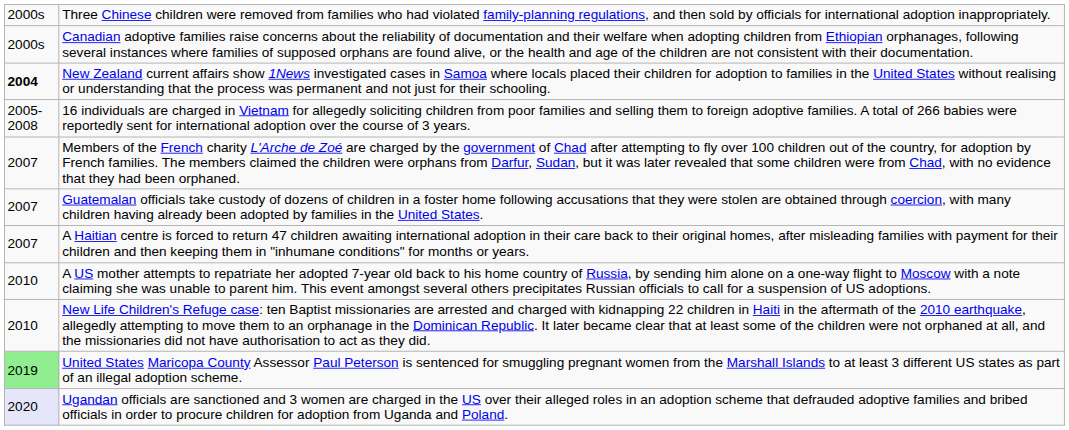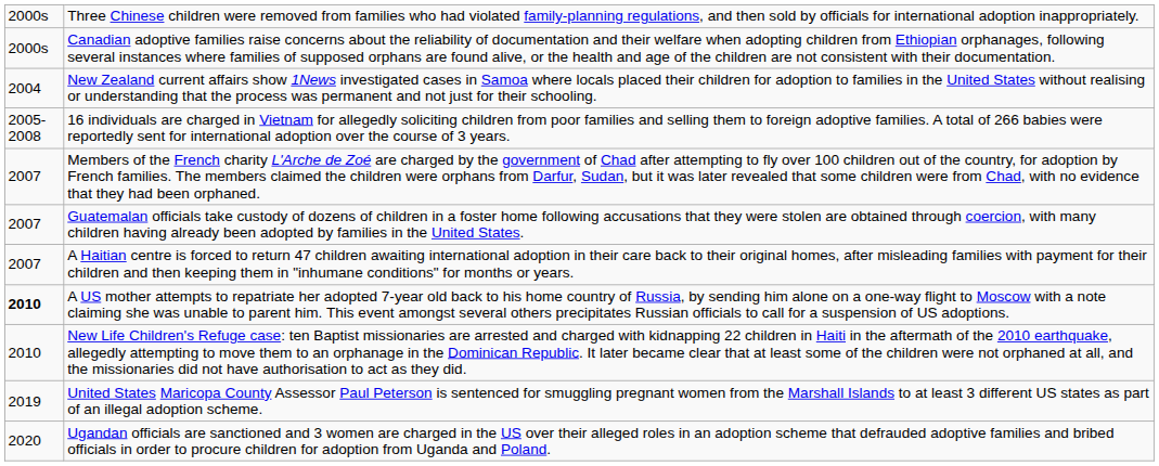 <table class="wikitable">
 <tr>
 <td>2000s</td>
 <td>Three <a href='#'>Chinese</a> children were removed from families who had violated <a href='#'>family-planning regulations</a>, and then sold by officials for international adoption inappropriately.</td>
 </tr>
 <tr>
 <td>2000s</td>
 <td><a href='#'>Canadian</a> adoptive families raise concerns about the reliability of documentation and their welfare when adopting children from <a href='#'>Ethiopian</a> orphanages, following several instances where families of supposed orphans are found alive, or the health and age of the children are not consistent with their documentation.</td>
 </tr>
 <tr>
-<td><strong>2004</strong></td>
+<td>2004</td>
 <td><a href='#'>New Zealand</a> current affairs show <em><a href='#'>1News</a></em> investigated cases in <a href='#'>Samoa</a> where locals placed their children for adoption to families in the <a href='#'>United States</a> without realising or understanding that the process was permanent and not just for their schooling.</td>
 </tr>
 <tr>
 <td>2005-2008</td>
 <td>16 individuals are charged in <a href='#'>Vietnam</a> for allegedly soliciting children from poor families and selling them to foreign adoptive families. A total of 266 babies were reportedly sent for international adoption over the course of 3 years.</td>
 </tr>
 <tr>
 <td>2007</td>
 <td>Members of the <a href='#'>French</a> charity <a href='#'><em>L'Arche de Zoé</em></a> are charged by the <a href='#'>government</a> of <a href='#'>Chad</a> after attempting to fly over 100 children out of the country, for adoption by French families. The members claimed the children were orphans from <a href='#'>Darfur</a>, <a href='#'>Sudan</a>, but it was later revealed that some children were from <a href='#'>Chad</a>, with no evidence that they had been orphaned.</td>
 </tr>
 <tr>
 <td>2007</td>
 <td><a href='#'>Guatemalan</a> officials take custody of dozens of children in a foster home following accusations that they were stolen are obtained through <a href='#'>coercion</a>, with many children having already been adopted by families in the <a href='#'>United States</a>.</td>
 </tr>
 <tr>
 <td>2007</td>
 <td>A <a href='#'>Haitian</a> centre is forced to return 47 children awaiting international adoption in their care back to their original homes, after misleading families with payment for their children and then keeping them in "inhumane conditions" for months or years.</td>
 </tr>
 <tr>
-<td>2010</td>
+<td><strong>2010</strong></td>
 <td>A <a href='#'>US</a> mother attempts to repatriate her adopted 7-year old back to his home country of <a href='#'>Russia</a>, by sending him alone on a one-way flight to <a href='#'>Moscow</a> with a note claiming she was unable to parent him. This event amongst several others precipitates Russian officials to call for a suspension of US adoptions.</td>
 </tr>
 <tr>
 <td>2010</td>
 <td><a href='#'>New Life Children's Refuge case</a>: ten Baptist missionaries are arrested and charged with kidnapping 22 children in <a href='#'>Haiti</a> in the aftermath of the <a href='#'>2010 earthquake</a>, allegedly attempting to move them to an orphanage in the <a href='#'>Dominican Republic</a>. It later became clear that at least some of the children were not orphaned at all, and the missionaries did not have authorisation to act as they did.</td>
 </tr>
 <tr>
-<td style="background: lightgreen;">2019</td>
+<td>2019</td>
 <td><a href='#'>United States</a> <a href='#'>Maricopa County</a> Assessor <a href='#'>Paul Peterson</a> is sentenced for smuggling pregnant women from the <a href='#'>Marshall Islands</a> to at least 3 different US states as part of an illegal adoption scheme.</td>
 </tr>
 <tr>
-<td style="background: lavender;">2020</td>
+<td>2020</td>
 <td><a href='#'>Ugandan</a> officials are sanctioned and 3 women are charged in the <a href='#'>US</a> over their alleged roles in an adoption scheme that defrauded adoptive families and bribed officials in order to procure children for adoption from Uganda and <a href='#'>Poland</a>.</td>
 </tr>
 </table>
